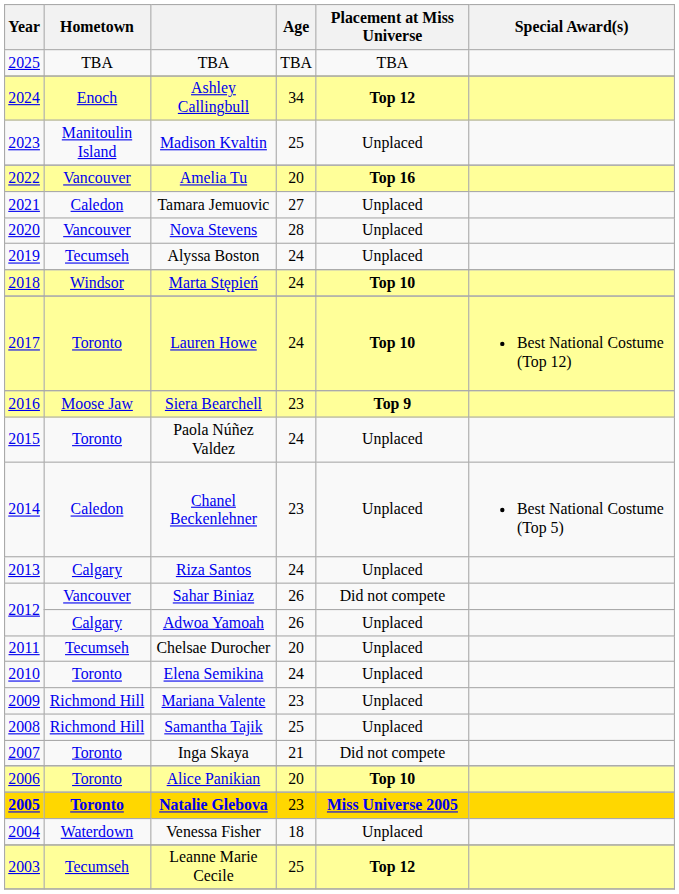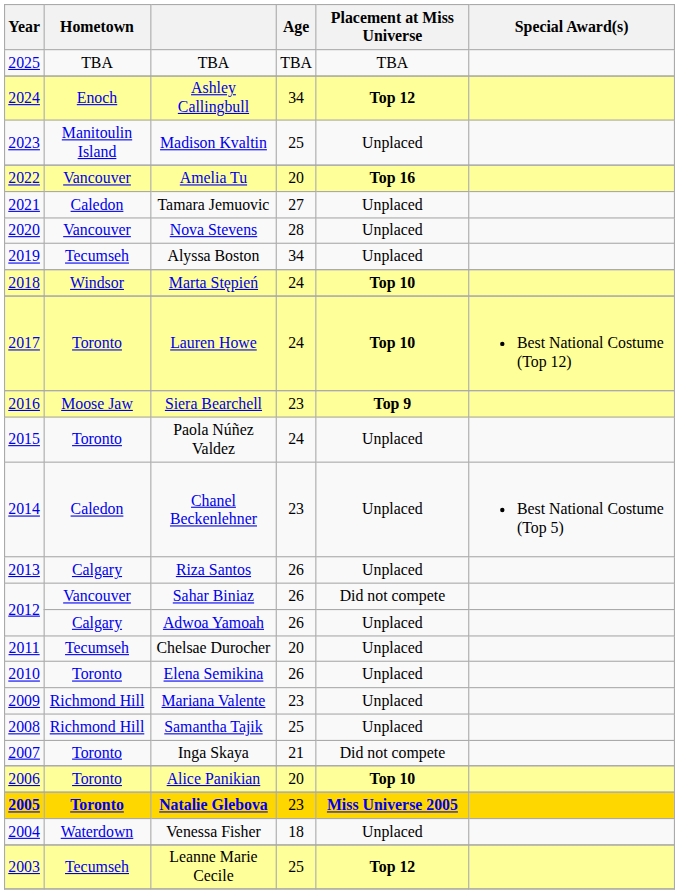 <table class="wikitable" style="font-size: 90%; text-align:center;">
 <tr>
 <th>Year</th>
 <th>Hometown</th>
 <th></th>
 <th>Age</th>
 <th>Placement at Miss Universe</th>
 <th>Special Award(s)</th>
 </tr>
 <tr>
 <td><a href='#'>2025</a></td>
 <td>TBA</td>
 <td>TBA</td>
 <td>TBA</td>
 <td>TBA</td>
 <td></td>
 </tr>
 <tr>
 </tr>
 <tr style="background-color:#FFFF99; ">
 <td><a href='#'>2024</a></td>
 <td><a href='#'>Enoch</a></td>
 <td><a href='#'>Ashley Callingbull</a></td>
 <td>34</td>
 <td><strong>Top 12</strong></td>
 <td></td>
 </tr>
 <tr>
 <td><a href='#'>2023</a></td>
 <td><a href='#'>Manitoulin Island</a></td>
 <td><a href='#'>Madison Kvaltin</a></td>
 <td>25</td>
 <td>Unplaced</td>
 <td></td>
 </tr>
 <tr>
 </tr>
 <tr style="background-color:#FFFF99">
 <td><a href='#'>2022</a></td>
 <td><a href='#'>Vancouver</a></td>
 <td><a href='#'>Amelia Tu</a></td>
 <td>20</td>
 <td><strong>Top 16</strong></td>
 <td></td>
 </tr>
 <tr>
 <td><a href='#'>2021</a></td>
 <td><a href='#'>Caledon</a></td>
 <td>Tamara Jemuovic</td>
 <td>27</td>
 <td>Unplaced</td>
 <td></td>
 </tr>
 <tr>
 <td><a href='#'>2020</a></td>
 <td><a href='#'>Vancouver</a></td>
 <td><a href='#'>Nova Stevens</a></td>
 <td>28</td>
 <td>Unplaced</td>
 <td></td>
 </tr>
 <tr>
 <td><a href='#'>2019</a></td>
 <td><a href='#'>Tecumseh</a></td>
 <td>Alyssa Boston</td>
-<td>24</td>
+<td>34</td>
 <td>Unplaced</td>
 <td></td>
 </tr>
 <tr>
 </tr>
 <tr style="background-color:#FFFF99;">
 <td><a href='#'>2018</a></td>
 <td><a href='#'>Windsor</a></td>
 <td><a href='#'>Marta Stępień</a></td>
 <td>24</td>
 <td><strong>Top 10</strong></td>
 <td></td>
 </tr>
 <tr>
 </tr>
 <tr style="background-color:#FFFF99;">
 <td><a href='#'>2017</a></td>
 <td><a href='#'>Toronto</a></td>
 <td><a href='#'>Lauren Howe</a></td>
 <td>24</td>
 <td><strong>Top 10</strong></td>
 <td align="left"><br><ul><li>Best National Costume (Top 12)</li></ul></td>
 </tr>
 <tr>
 </tr>
 <tr style="background-color:#FFFF99;">
 <td><a href='#'>2016</a></td>
 <td><a href='#'>Moose Jaw</a></td>
 <td><a href='#'>Siera Bearchell</a></td>
 <td>23</td>
 <td><strong>Top 9</strong></td>
 <td></td>
 </tr>
 <tr>
 <td><a href='#'>2015</a></td>
 <td><a href='#'>Toronto</a></td>
 <td>Paola Núñez Valdez</td>
 <td>24</td>
 <td>Unplaced</td>
 <td></td>
 </tr>
 <tr>
 <td><a href='#'>2014</a></td>
 <td><a href='#'>Caledon</a></td>
 <td><a href='#'>Chanel Beckenlehner</a></td>
 <td>23</td>
 <td>Unplaced</td>
 <td align="left"><br><ul><li>Best National Costume (Top 5)</li></ul></td>
 </tr>
 <tr>
 <td><a href='#'>2013</a></td>
 <td><a href='#'>Calgary</a></td>
 <td><a href='#'>Riza Santos</a></td>
-<td>24</td>
+<td>26</td>
 <td>Unplaced</td>
 <td></td>
 </tr>
 <tr>
 <td rowspan=2><a href='#'>2012</a></td>
 <td><a href='#'>Vancouver</a></td>
 <td><a href='#'>Sahar Biniaz</a></td>
 <td>26</td>
 <td>Did not compete</td>
 <td></td>
 </tr>
 <tr>
 <td><a href='#'>Calgary</a></td>
 <td><a href='#'>Adwoa Yamoah</a></td>
 <td>26</td>
 <td>Unplaced</td>
 <td></td>
 </tr>
 <tr>
 <td><a href='#'>2011</a></td>
 <td><a href='#'>Tecumseh</a></td>
 <td>Chelsae Durocher</td>
 <td>20</td>
 <td>Unplaced</td>
 <td></td>
 </tr>
 <tr>
 <td><a href='#'>2010</a></td>
 <td><a href='#'>Toronto</a></td>
 <td><a href='#'>Elena Semikina</a></td>
-<td>24</td>
+<td>26</td>
 <td>Unplaced</td>
 <td></td>
 </tr>
 <tr>
 <td><a href='#'>2009</a></td>
 <td><a href='#'>Richmond Hill</a></td>
 <td><a href='#'>Mariana Valente</a></td>
 <td>23</td>
 <td>Unplaced</td>
 <td></td>
 </tr>
 <tr>
 <td><a href='#'>2008</a></td>
 <td><a href='#'>Richmond Hill</a></td>
 <td><a href='#'>Samantha Tajik</a></td>
 <td>25</td>
 <td>Unplaced</td>
 <td></td>
 </tr>
 <tr>
 <td><a href='#'>2007</a></td>
 <td><a href='#'>Toronto</a></td>
 <td>Inga Skaya</td>
 <td>21</td>
 <td>Did not compete</td>
 <td></td>
 </tr>
 <tr>
 </tr>
 <tr style="background-color:#FFFF99;">
 <td><a href='#'>2006</a></td>
 <td><a href='#'>Toronto</a></td>
 <td><a href='#'>Alice Panikian</a></td>
 <td>20</td>
 <td><strong>Top 10</strong></td>
 <td></td>
 </tr>
 <tr>
 </tr>
 <tr style="background-color:gold;">
 <td><strong><a href='#'>2005</a></strong></td>
 <td><strong><a href='#'>Toronto</a></strong></td>
 <td><strong><a href='#'>Natalie Glebova</a></strong></td>
 <td>23</td>
 <td><strong><a href='#'>Miss Universe 2005</a></strong></td>
 <td></td>
 </tr>
 <tr>
 <td><a href='#'>2004</a></td>
 <td><a href='#'>Waterdown</a></td>
 <td>Venessa Fisher</td>
 <td>18</td>
 <td>Unplaced</td>
 <td></td>
 </tr>
 <tr>
 </tr>
 <tr style="background-color:#FFFF99;">
 <td><a href='#'>2003</a></td>
 <td><a href='#'>Tecumseh</a></td>
 <td>Leanne Marie Cecile</td>
 <td>25</td>
 <td><strong>Top 12</strong></td>
 <td></td>
 </tr>
 <tr>
 </tr>
 </table>
